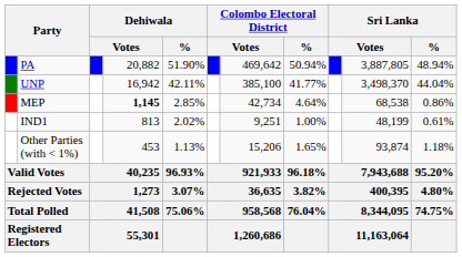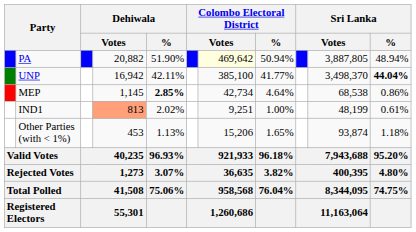 <table class="wikitable">
 <tr>
 <th colspan="2" width="144px"rowspan="2">Party</th>
 <th colspan="3" width="216px">Dehiwala</th>
 <th colspan="3" width="216px"><a href='#'>Colombo Electoral District</a></th>
 <th colspan="3" width="216px">Sri Lanka</th>
 </tr>
 <tr>
 <th colspan="2" width="144px">Votes</th>
 <th>%</th>
 <th colspan="2" width="144px">Votes</th>
 <th>%</th>
 <th colspan="2" width="144px">Votes</th>
 <th>%</th>
 </tr>
 <tr>
 <td style="background-color:blue;" width="10px"></td>
 <td style="text-align:left;"><a href='#'>PA</a></td>
 <td style="background-color:blue;" width="10px"></td>
 <td style="text-align:right;">20,882</td>
 <td style="text-align:right;">51.90%</td>
 <td style="background-color:blue;" width="10px"></td>
-<td style="text-align:right;">469,642</td>
+<td style="background: lightyellow; text-align:right;">469,642</td>
 <td style="text-align:right;">50.94%</td>
 <td style="background-color:blue;" width="10px"></td>
 <td style="text-align:right;">3,887,805</td>
 <td style="text-align:right;">48.94%</td>
 </tr>
 <tr>
 <td style="background-color:green;" width="10px"></td>
 <td style="text-align:left;"><a href='#'>UNP</a></td>
 <td style="background-color:white;" width="10px"></td>
 <td style="text-align:right;">16,942</td>
 <td style="text-align:right;">42.11%</td>
 <td style="background-color:white;" width="10px"></td>
 <td style="text-align:right;">385,100</td>
 <td style="text-align:right;">41.77%</td>
 <td style="background-color:white;" width="10px"></td>
 <td style="text-align:right;">3,498,370</td>
-<td style="text-align:right;">44.04%</td>
+<td style="text-align:right;"><strong>44.04%</strong></td>
 </tr>
 <tr>
 <td style="background-color:red;" width="10px"></td>
 <td style="text-align:left;">MEP</td>
 <td style="background-color:white;" width="10px"></td>
-<td style="text-align:right;"><strong>1,145</strong></td>
-<td style="text-align:right;">2.85%</td>
+<td style="text-align:right;">1,145</td>
+<td style="text-align:right;"><strong>2.85%</strong></td>
 <td style="background-color:white;" width="10px"></td>
 <td style="text-align:right;">42,734</td>
 <td style="text-align:right;">4.64%</td>
 <td style="background-color:white;" width="10px"></td>
 <td style="text-align:right;">68,538</td>
 <td style="text-align:right;">0.86%</td>
 </tr>
 <tr>
 <td style="background-color:white;" width="10px"></td>
 <td style="text-align:left;">IND1</td>
 <td style="background-color:white;" width="10px"></td>
-<td style="text-align:right;">813</td>
+<td style="background: lightsalmon; text-align:right;">813</td>
 <td style="text-align:right;">2.02%</td>
 <td style="background-color:white;" width="10px"></td>
 <td style="text-align:right;">9,251</td>
 <td style="text-align:right;">1.00%</td>
 <td style="background-color:white;" width="10px"></td>
 <td style="text-align:right;">48,199</td>
 <td style="text-align:right;">0.61%</td>
 </tr>
 <tr>
 <td style="background-color:white;" width="10px"></td>
 <td style="text-align:left;">Other Parties (with < 1%)</td>
 <td style="background-color:white;" width="10px"></td>
 <td style="text-align:right;">453</td>
 <td style="text-align:right;">1.13%</td>
 <td style="background-color:white;" width="10px"></td>
 <td style="text-align:right;">15,206</td>
 <td style="text-align:right;">1.65%</td>
 <td style="background-color:white;" width="10px"></td>
 <td style="text-align:right;">93,874</td>
 <td style="text-align:right;">1.18%</td>
 </tr>
 <tr>
 <th colspan="2" width="144px"style="text-align:left;">Valid Votes</th>
 <th style="text-align:right;"colspan="2" width="144px">40,235</th>
 <th style="text-align:right;">96.93%</th>
 <th style="text-align:right;"colspan="2" width="144px">921,933</th>
 <th style="text-align:right;">96.18%</th>
 <th style="text-align:right;"colspan="2" width="144px">7,943,688</th>
 <th style="text-align:right;">95.20%</th>
 </tr>
 <tr>
 <th colspan="2" width="144px"style="text-align:left;">Rejected Votes</th>
 <th style="text-align:right;"colspan="2" width="144px">1,273</th>
 <th style="text-align:right;">3.07%</th>
 <th style="text-align:right;"colspan="2" width="144px">36,635</th>
 <th style="text-align:right;">3.82%</th>
 <th style="text-align:right;"colspan="2" width="144px">400,395</th>
 <th style="text-align:right;">4.80%</th>
 </tr>
 <tr>
 <th colspan="2" width="144px"style="text-align:left;">Total Polled</th>
 <th style="text-align:right;"colspan="2" width="144px">41,508</th>
 <th style="text-align:right;">75.06%</th>
 <th style="text-align:right;"colspan="2" width="144px">958,568</th>
 <th style="text-align:right;">76.04%</th>
 <th style="text-align:right;"colspan="2" width="144px">8,344,095</th>
 <th style="text-align:right;">74.75%</th>
 </tr>
 <tr>
 <th colspan="2" width="144px"style="text-align:left;">Registered Electors</th>
 <th style="text-align:right;"colspan="2" width="144px">55,301</th>
 <th></th>
 <th style="text-align:right;"colspan="2" width="144px">1,260,686</th>
 <th></th>
 <th style="text-align:right;"colspan="2" width="144px">11,163,064</th>
 <th></th>
 </tr>
 </table>
